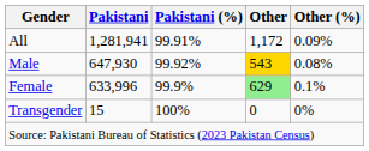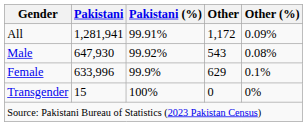 <table class="wikitable">
 <tr>
 <th>Gender</th>
 <th><a href='#'>Pakistani</a></th>
 <th><a href='#'>Pakistani</a> (%)</th>
 <th>Other</th>
 <th>Other (%)</th>
 </tr>
 <tr>
 <td>All</td>
 <td>1,281,941</td>
 <td>99.91%</td>
 <td>1,172</td>
 <td>0.09%</td>
 </tr>
 <tr>
 <td><a href='#'>Male</a></td>
 <td>647,930</td>
 <td>99.92%</td>
-<td style="background: gold;">543</td>
+<td>543</td>
 <td>0.08%</td>
 </tr>
 <tr>
 <td><a href='#'>Female</a></td>
 <td>633,996</td>
 <td>99.9%</td>
-<td style="background: lightgreen;">629</td>
+<td>629</td>
 <td>0.1%</td>
 </tr>
 <tr>
 <td><a href='#'>Transgender</a></td>
 <td>15</td>
 <td>100%</td>
 <td>0</td>
 <td>0%</td>
 </tr>
 <tr>
 <td colspan="5"><small>Source: Pakistani Bureau of Statistics (<a href='#'>2023 Pakistan Census</a>)</small></td>
 </tr>
 </table>
